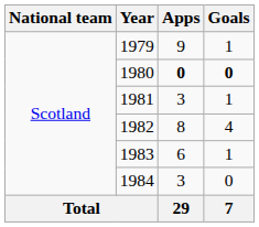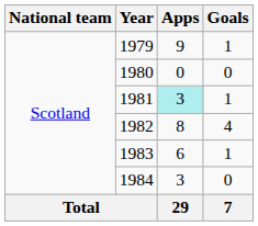 <table class="wikitable" style="text-align:center">
 <tr>
 <th>National team</th>
 <th>Year</th>
 <th>Apps</th>
 <th>Goals</th>
 </tr>
 <tr>
 <td rowspan="6"><a href='#'>Scotland</a></td>
 <td>1979</td>
 <td>9</td>
 <td>1</td>
 </tr>
 <tr>
 <td>1980</td>
-<td><strong>0</strong></td>
-<td><strong>0</strong></td>
+<td>0</td>
+<td>0</td>
 </tr>
 <tr>
 <td>1981</td>
-<td>3</td>
+<td style="background: paleturquoise;">3</td>
 <td>1</td>
 </tr>
 <tr>
 <td>1982</td>
 <td>8</td>
 <td>4</td>
 </tr>
 <tr>
 <td>1983</td>
 <td>6</td>
 <td>1</td>
 </tr>
 <tr>
 <td>1984</td>
 <td>3</td>
 <td>0</td>
 </tr>
 <tr>
 <th colspan="2">Total</th>
 <th>29</th>
 <th>7</th>
 </tr>
 </table>
